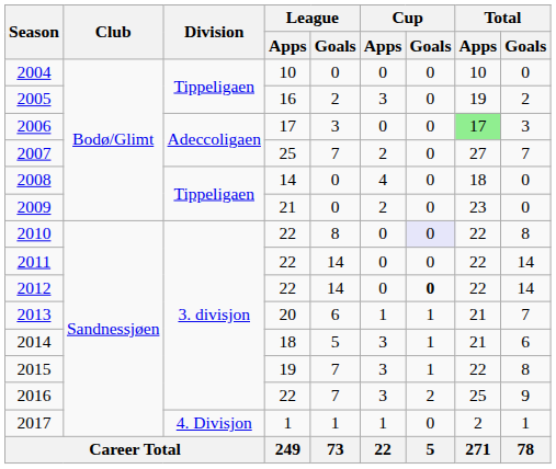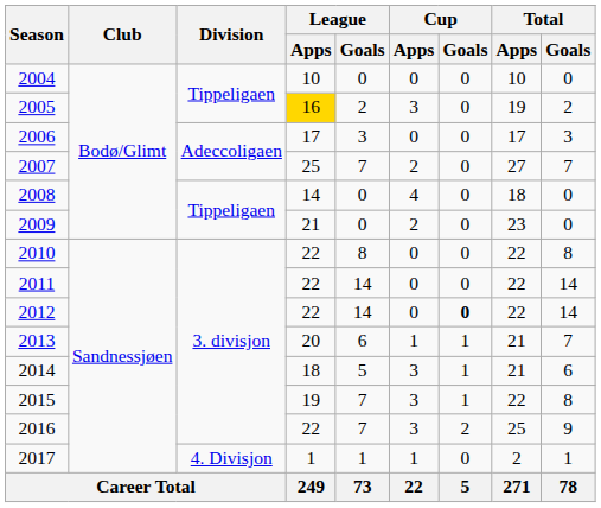 <table class="wikitable" style="text-align: center;">
 <tr>
 <th rowspan="2">Season</th>
 <th rowspan="2">Club</th>
 <th rowspan="2">Division</th>
 <th colspan="2">League</th>
 <th colspan="2">Cup</th>
 <th colspan="2">Total</th>
 </tr>
 <tr>
 <th>Apps</th>
 <th>Goals</th>
 <th>Apps</th>
 <th>Goals</th>
 <th>Apps</th>
 <th>Goals</th>
 </tr>
 <tr>
 <td><a href='#'>2004</a></td>
 <td rowspan="6" valign="center"><a href='#'>Bodø/Glimt</a></td>
 <td rowspan="2" valign="center"><a href='#'>Tippeligaen</a></td>
 <td>10</td>
 <td>0</td>
 <td>0</td>
 <td>0</td>
 <td>10</td>
 <td>0</td>
 </tr>
 <tr>
 <td><a href='#'>2005</a></td>
-<td>16</td>
+<td style="background: gold;">16</td>
 <td>2</td>
 <td>3</td>
 <td>0</td>
 <td>19</td>
 <td>2</td>
 </tr>
 <tr>
 <td><a href='#'>2006</a></td>
 <td rowspan="2" valign="center"><a href='#'>Adeccoligaen</a></td>
 <td>17</td>
 <td>3</td>
 <td>0</td>
 <td>0</td>
-<td style="background: lightgreen;">17</td>
+<td>17</td>
 <td>3</td>
 </tr>
 <tr>
 <td><a href='#'>2007</a></td>
 <td>25</td>
 <td>7</td>
 <td>2</td>
 <td>0</td>
 <td>27</td>
 <td>7</td>
 </tr>
 <tr>
 <td><a href='#'>2008</a></td>
 <td rowspan="2" valign="center"><a href='#'>Tippeligaen</a></td>
 <td>14</td>
 <td>0</td>
 <td>4</td>
 <td>0</td>
 <td>18</td>
 <td>0</td>
 </tr>
 <tr>
 <td><a href='#'>2009</a></td>
 <td>21</td>
 <td>0</td>
 <td>2</td>
 <td>0</td>
 <td>23</td>
 <td>0</td>
 </tr>
 <tr>
 <td><a href='#'>2010</a></td>
 <td rowspan="8" valign="center"><a href='#'>Sandnessjøen</a></td>
 <td rowspan="7" valign="center"><a href='#'>3. divisjon</a></td>
 <td>22</td>
 <td>8</td>
 <td>0</td>
-<td style="background: lavender;">0</td>
+<td>0</td>
 <td>22</td>
 <td>8</td>
 </tr>
 <tr>
 <td><a href='#'>2011</a></td>
 <td>22</td>
 <td>14</td>
 <td>0</td>
 <td>0</td>
 <td>22</td>
 <td>14</td>
 </tr>
 <tr>
 <td><a href='#'>2012</a></td>
 <td>22</td>
 <td>14</td>
 <td>0</td>
 <td><strong>0</strong></td>
 <td>22</td>
 <td>14</td>
 </tr>
 <tr>
 <td><a href='#'>2013</a></td>
 <td>20</td>
 <td>6</td>
 <td>1</td>
 <td>1</td>
 <td>21</td>
 <td>7</td>
 </tr>
 <tr>
 <td>2014</td>
 <td>18</td>
 <td>5</td>
 <td>3</td>
 <td>1</td>
 <td>21</td>
 <td>6</td>
 </tr>
 <tr>
 <td>2015</td>
 <td>19</td>
 <td>7</td>
 <td>3</td>
 <td>1</td>
 <td>22</td>
 <td>8</td>
 </tr>
 <tr>
 <td>2016</td>
 <td>22</td>
 <td>7</td>
 <td>3</td>
 <td>2</td>
 <td>25</td>
 <td>9</td>
 </tr>
 <tr>
 <td>2017</td>
 <td rowspan="1" valign="center"><a href='#'>4. Divisjon</a></td>
 <td>1</td>
 <td>1</td>
 <td>1</td>
 <td>0</td>
 <td>2</td>
 <td>1</td>
 </tr>
 <tr>
 <th colspan="3">Career Total</th>
 <th>249</th>
 <th>73</th>
 <th>22</th>
 <th>5</th>
 <th>271</th>
 <th>78</th>
 </tr>
 </table>
